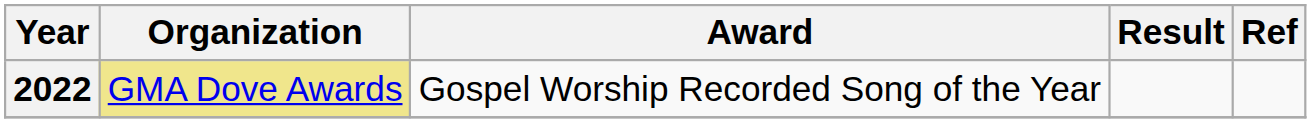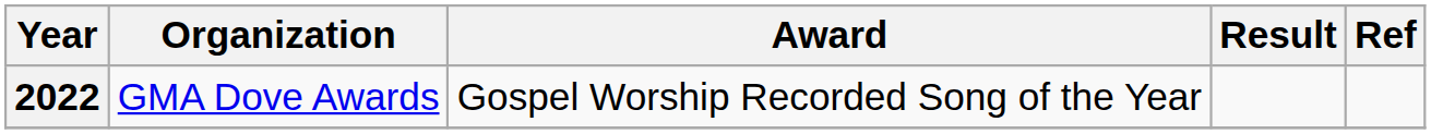 <table class="wikitable plainrowheaders">
 <tr>
 <th>Year</th>
 <th>Organization</th>
 <th>Award</th>
 <th>Result</th>
 <th>Ref</th>
 </tr>
 <tr>
 <th scope="row">2022</th>
-<td style="background: khaki;"><a href='#'>GMA Dove Awards</a></td>
+<td><a href='#'>GMA Dove Awards</a></td>
 <td>Gospel Worship Recorded Song of the Year</td>
 <td></td>
 <td></td>
 </tr>
 <tr>
 </tr>
 </table>
